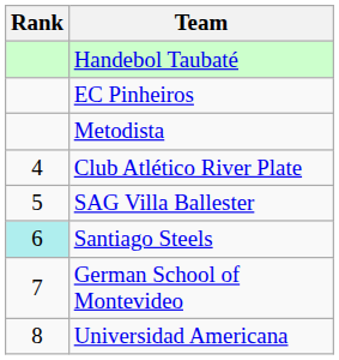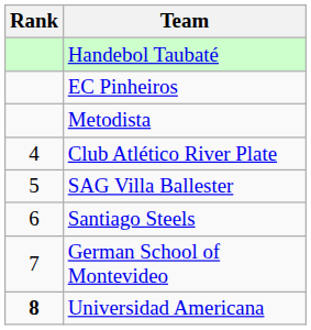 <table class=wikitable style="text-align:center;">
 <tr>
 <th>Rank</th>
 <th width=180>Team</th>
 </tr>
 <tr bgcolor=#CCFFCC>
 <td></td>
 <td align=left> <a href='#'>Handebol Taubaté</a></td>
 </tr>
 <tr>
 <td></td>
 <td align=left> <a href='#'>EC Pinheiros</a></td>
 </tr>
 <tr>
 <td></td>
 <td align=left> <a href='#'>Metodista</a></td>
 </tr>
 <tr>
 <td>4</td>
 <td align=left> <a href='#'>Club Atlético River Plate</a></td>
 </tr>
 <tr>
 <td>5</td>
 <td align=left> <a href='#'>SAG Villa Ballester</a></td>
 </tr>
 <tr>
-<td style="background: paleturquoise;">6</td>
+<td>6</td>
 <td align=left> <a href='#'>Santiago Steels</a></td>
 </tr>
 <tr>
 <td>7</td>
 <td align=left> <a href='#'>German School of Montevideo</a></td>
 </tr>
 <tr>
-<td>8</td>
+<td><strong>8</strong></td>
 <td align=left> <a href='#'>Universidad Americana</a></td>
 </tr>
 </table>
